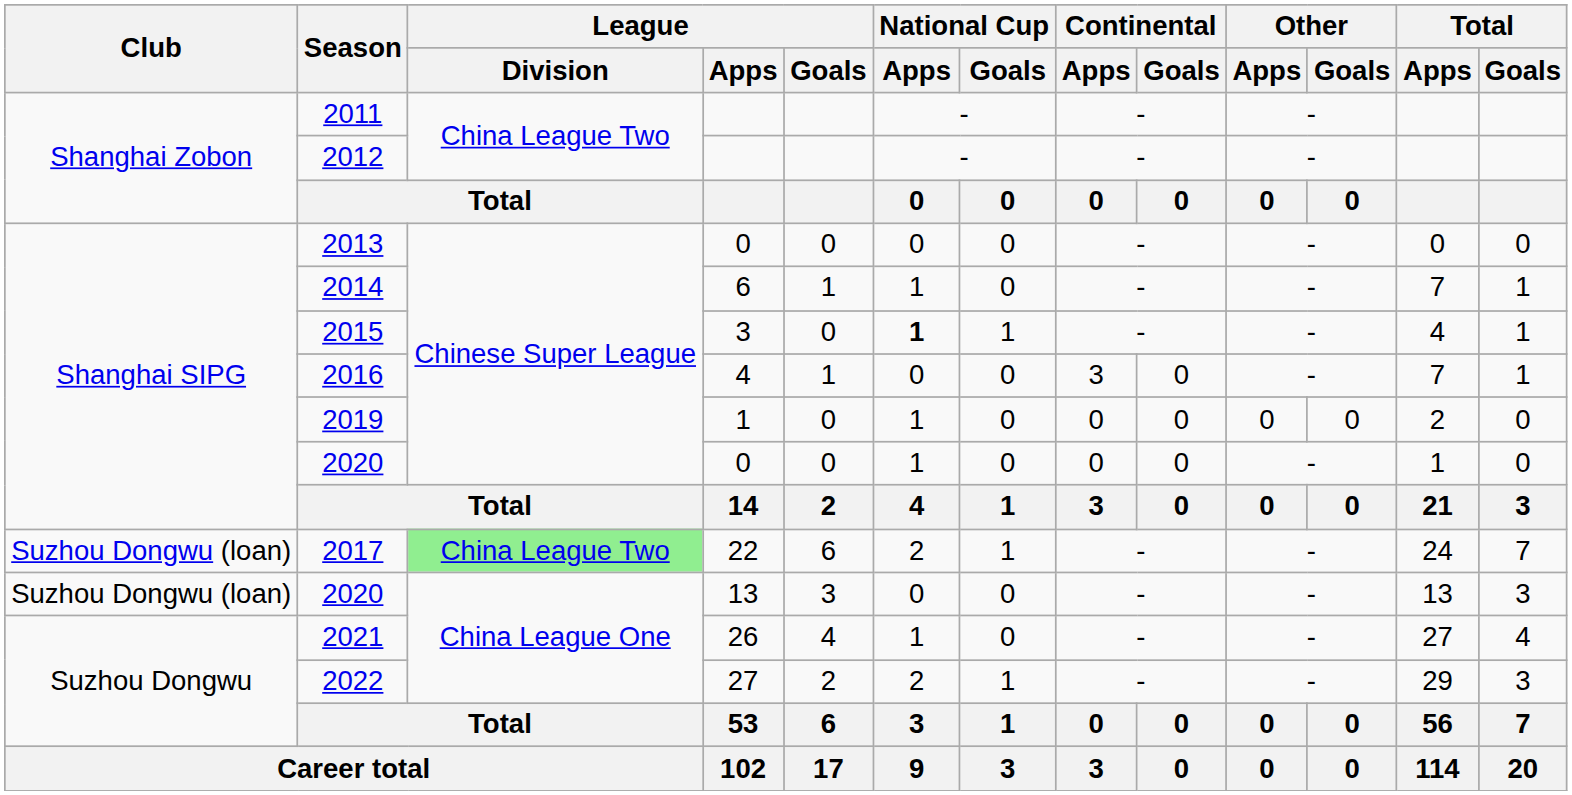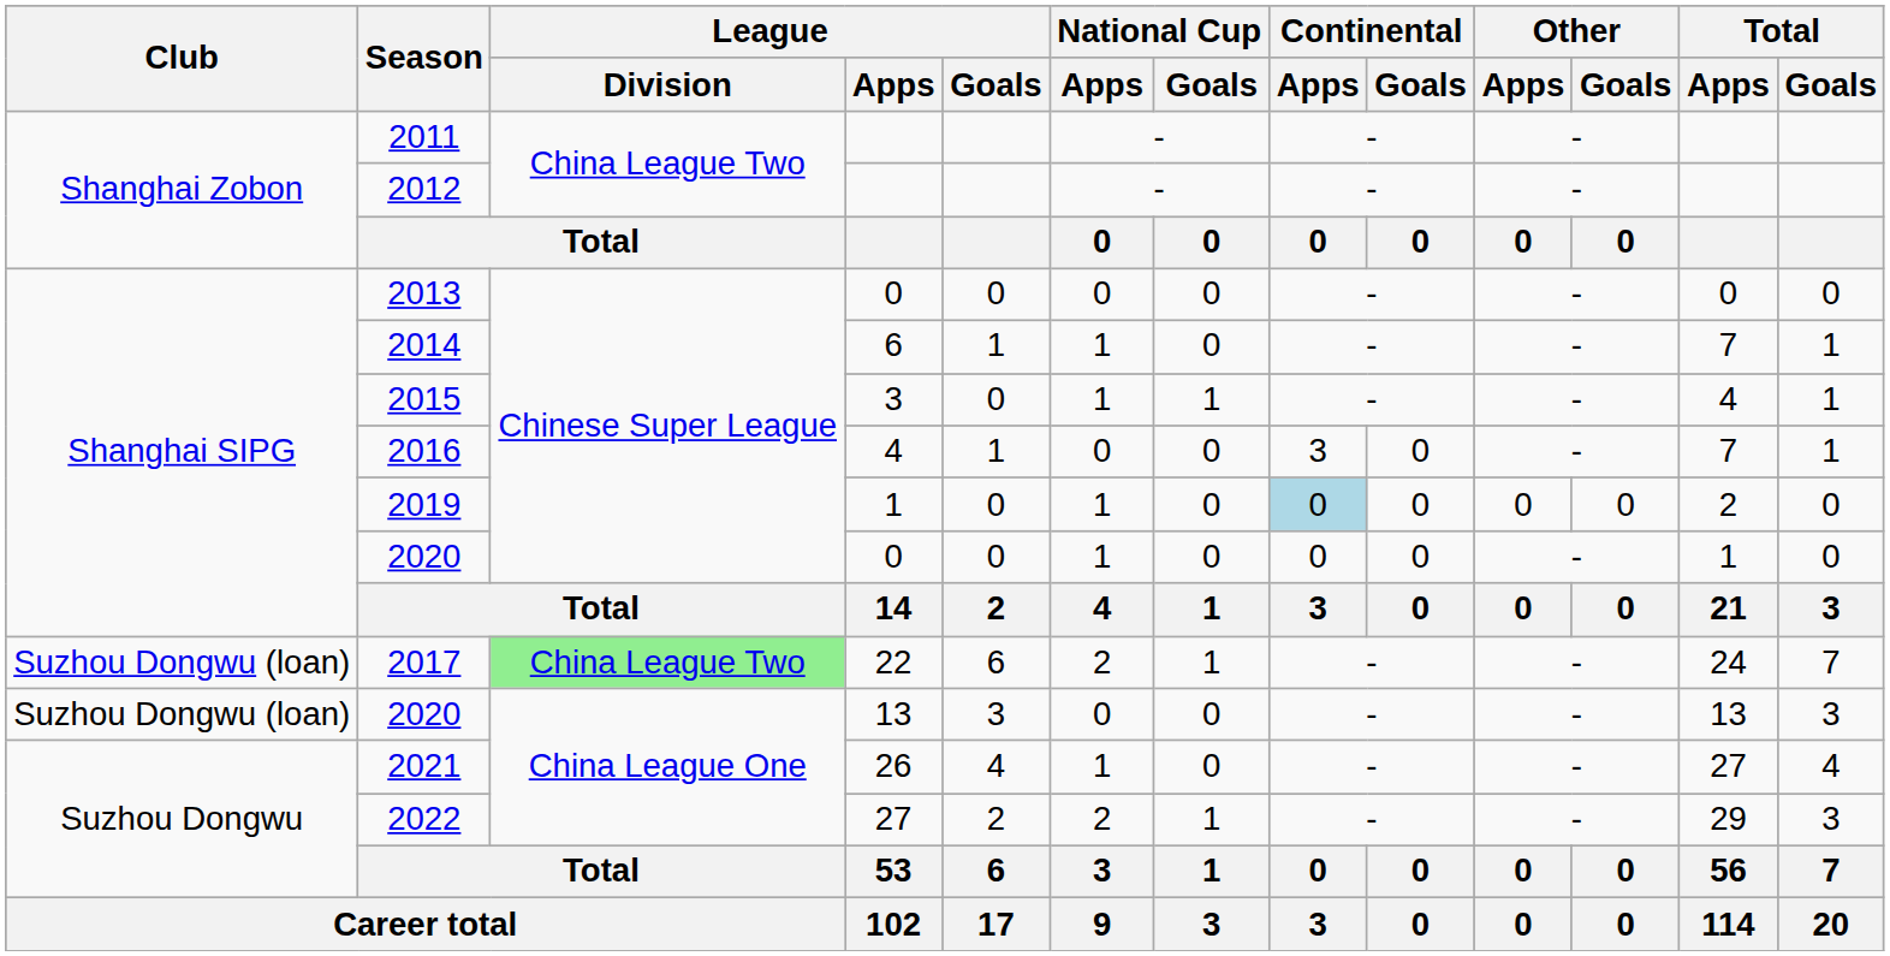 <table class="wikitable" style="text-align: center">
 <tr>
 <th rowspan="2">Club</th>
 <th rowspan="2">Season</th>
 <th colspan="3">League</th>
 <th colspan="2">National Cup</th>
 <th colspan="2">Continental</th>
 <th colspan="2">Other</th>
 <th colspan="2">Total</th>
 </tr>
 <tr>
 <th>Division</th>
 <th>Apps</th>
 <th>Goals</th>
 <th>Apps</th>
 <th>Goals</th>
 <th>Apps</th>
 <th>Goals</th>
 <th>Apps</th>
 <th>Goals</th>
 <th>Apps</th>
 <th>Goals</th>
 </tr>
 <tr>
 <td rowspan=3><a href='#'>Shanghai Zobon</a></td>
 <td><a href='#'>2011</a></td>
 <td rowspan="2"><a href='#'>China League Two</a></td>
 <td></td>
 <td></td>
 <td colspan="2">-</td>
 <td colspan="2">-</td>
 <td colspan="2">-</td>
 <td></td>
 <td></td>
 </tr>
 <tr>
 <td><a href='#'>2012</a></td>
 <td></td>
 <td></td>
 <td colspan="2">-</td>
 <td colspan="2">-</td>
 <td colspan="2">-</td>
 <td></td>
 <td></td>
 </tr>
 <tr>
 <th colspan=2>Total</th>
 <th></th>
 <th></th>
 <th>0</th>
 <th>0</th>
 <th>0</th>
 <th>0</th>
 <th>0</th>
 <th>0</th>
 <th></th>
 <th></th>
 </tr>
 <tr>
 <td rowspan=7><a href='#'>Shanghai SIPG</a></td>
 <td><a href='#'>2013</a></td>
 <td rowspan=6><a href='#'>Chinese Super League</a></td>
 <td>0</td>
 <td>0</td>
 <td>0</td>
 <td>0</td>
 <td colspan="2">-</td>
 <td colspan="2">-</td>
 <td>0</td>
 <td>0</td>
 </tr>
 <tr>
 <td><a href='#'>2014</a></td>
 <td>6</td>
 <td>1</td>
 <td>1</td>
 <td>0</td>
 <td colspan="2">-</td>
 <td colspan="2">-</td>
 <td>7</td>
 <td>1</td>
 </tr>
 <tr>
 <td><a href='#'>2015</a></td>
 <td>3</td>
 <td>0</td>
-<td><strong>1</strong></td>
+<td>1</td>
 <td>1</td>
 <td colspan="2">-</td>
 <td colspan="2">-</td>
 <td>4</td>
 <td>1</td>
 </tr>
 <tr>
 <td><a href='#'>2016</a></td>
 <td>4</td>
 <td>1</td>
 <td>0</td>
 <td>0</td>
 <td>3</td>
 <td>0</td>
 <td colspan="2">-</td>
 <td>7</td>
 <td>1</td>
 </tr>
 <tr>
 <td><a href='#'>2019</a></td>
 <td>1</td>
 <td>0</td>
 <td>1</td>
 <td>0</td>
-<td>0</td>
+<td style="background: lightblue;">0</td>
 <td>0</td>
 <td>0</td>
 <td>0</td>
 <td>2</td>
 <td>0</td>
 </tr>
 <tr>
 <td><a href='#'>2020</a></td>
 <td>0</td>
 <td>0</td>
 <td>1</td>
 <td>0</td>
 <td>0</td>
 <td>0</td>
 <td colspan="2">-</td>
 <td>1</td>
 <td>0</td>
 </tr>
 <tr>
 <th colspan=2>Total</th>
 <th>14</th>
 <th>2</th>
 <th>4</th>
 <th>1</th>
 <th>3</th>
 <th>0</th>
 <th>0</th>
 <th>0</th>
 <th>21</th>
 <th>3</th>
 </tr>
 <tr>
 <td><a href='#'>Suzhou Dongwu</a> (loan)</td>
 <td><a href='#'>2017</a></td>
 <td style="background: lightgreen;"><a href='#'>China League Two</a></td>
 <td>22</td>
 <td>6</td>
 <td>2</td>
 <td>1</td>
 <td colspan="2">-</td>
 <td colspan="2">-</td>
 <td>24</td>
 <td>7</td>
 </tr>
 <tr>
 <td>Suzhou Dongwu (loan)</td>
 <td><a href='#'>2020</a></td>
 <td rowspan=3><a href='#'>China League One</a></td>
 <td>13</td>
 <td>3</td>
 <td>0</td>
 <td>0</td>
 <td colspan="2">-</td>
 <td colspan="2">-</td>
 <td>13</td>
 <td>3</td>
 </tr>
 <tr>
 <td rowspan=3>Suzhou Dongwu</td>
 <td><a href='#'>2021</a></td>
 <td>26</td>
 <td>4</td>
 <td>1</td>
 <td>0</td>
 <td colspan="2">-</td>
 <td colspan="2">-</td>
 <td>27</td>
 <td>4</td>
 </tr>
 <tr>
 <td><a href='#'>2022</a></td>
 <td>27</td>
 <td>2</td>
 <td>2</td>
 <td>1</td>
 <td colspan="2">-</td>
 <td colspan="2">-</td>
 <td>29</td>
 <td>3</td>
 </tr>
 <tr>
 <th colspan=2>Total</th>
 <th>53</th>
 <th>6</th>
 <th>3</th>
 <th>1</th>
 <th>0</th>
 <th>0</th>
 <th>0</th>
 <th>0</th>
 <th>56</th>
 <th>7</th>
 </tr>
 <tr>
 <th colspan=3>Career total</th>
 <th>102</th>
 <th>17</th>
 <th>9</th>
 <th>3</th>
 <th>3</th>
 <th>0</th>
 <th>0</th>
 <th>0</th>
 <th>114</th>
 <th>20</th>
 </tr>
 </table>
